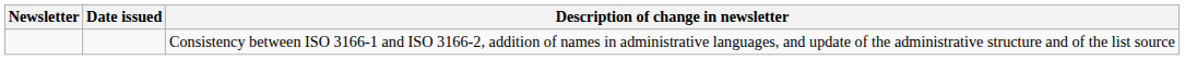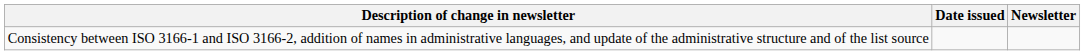 <table class="wikitable">
 <tr>
+<th>Description of change in newsletter</th>
+<th>Date issued</th>
 <th>Newsletter</th>
-<th>Date issued</th>
-<th>Description of change in newsletter</th>
 </tr>
 <tr>
+<td>Consistency between ISO 3166-1 and ISO 3166-2, addition of names in administrative languages, and update of the administrative structure and of the list source</td>
+<td></td>
 <td id="II-2"></td>
-<td></td>
-<td>Consistency between ISO 3166-1 and ISO 3166-2, addition of names in administrative languages, and update of the administrative structure and of the list source</td>
 </tr>
 </table>
